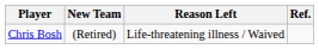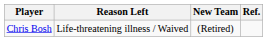 <table class="wikitable sortable sortable" style="text-align: center;">
 <tr>
 <th>Player</th>
+<th>Reason Left</th>
 <th>New Team</th>
-<th>Reason Left</th>
 <th>Ref.</th>
 </tr>
 <tr style="text-align: center">
 <td><a href='#'>Chris Bosh</a></td>
+<td>Life-threatening illness / Waived</td>
 <td> (Retired)</td>
-<td>Life-threatening illness / Waived</td>
 <td></td>
 </tr>
 </table>
